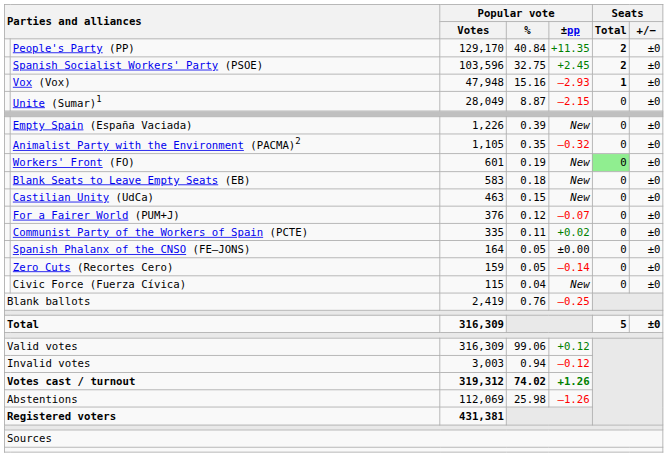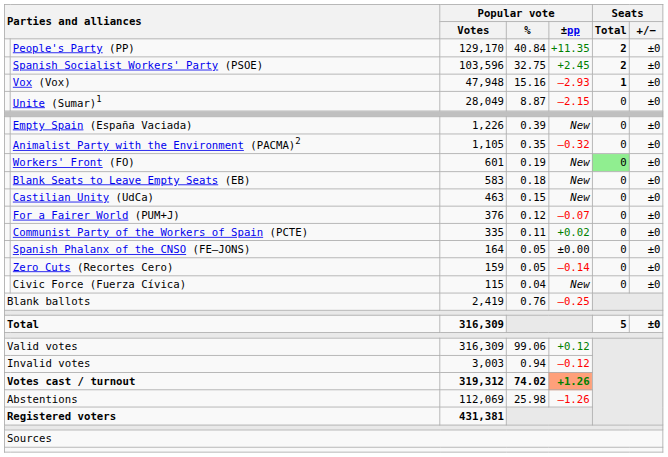 <table class="wikitable" style="text-align:right;">
 <tr>
 <th style="text-align:left;" rowspan="2" colspan="2" width="525">Parties and alliances</th>
 <th colspan="3">Popular vote</th>
 <th colspan="2">Seats</th>
 </tr>
 <tr>
 <th width="75">Votes</th>
 <th width="45">%</th>
 <th width="45">±<a href='#'>pp</a></th>
 <th width="35">Total</th>
 <th width="35">+/−</th>
 </tr>
 <tr>
 <td width="1" style="color:inherit;background:"></td>
 <td align="left"><a href='#'>People's Party</a> (PP)</td>
 <td>129,170</td>
 <td>40.84</td>
 <td style="color:green;">+11.35</td>
 <td><strong>2</strong></td>
 <td>±0</td>
 </tr>
 <tr>
 <td style="color:inherit;background:"></td>
 <td align="left"><a href='#'>Spanish Socialist Workers' Party</a> (PSOE)</td>
 <td>103,596</td>
 <td>32.75</td>
 <td style="color:green;">+2.45</td>
 <td><strong>2</strong></td>
 <td>±0</td>
 </tr>
 <tr>
 <td style="color:inherit;background:"></td>
 <td align="left"><a href='#'>Vox</a> (Vox)</td>
 <td>47,948</td>
 <td>15.16</td>
 <td style="color:red;">–2.93</td>
 <td><strong>1</strong></td>
 <td>±0</td>
 </tr>
 <tr>
 <td style="color:inherit;background:"></td>
 <td align="left"><a href='#'>Unite</a> (Sumar)<sup>1</sup></td>
 <td>28,049</td>
 <td>8.87</td>
 <td style="color:red;">–2.15</td>
 <td>0</td>
 <td>±0</td>
 </tr>
 <tr>
 <td colspan="7" bgcolor="#C0C0C0"></td>
 </tr>
 <tr>
 <td style="color:inherit;background:"></td>
 <td align="left"><a href='#'>Empty Spain</a> (España Vaciada)</td>
 <td>1,226</td>
 <td>0.39</td>
 <td><em>New</em></td>
 <td>0</td>
 <td>±0</td>
 </tr>
 <tr>
 <td style="color:inherit;background:"></td>
 <td align="left"><a href='#'>Animalist Party with the Environment</a> (PACMA)<sup>2</sup></td>
 <td>1,105</td>
 <td>0.35</td>
 <td style="color:red;">–0.32</td>
 <td>0</td>
 <td>±0</td>
 </tr>
 <tr>
 <td style="color:inherit;background:"></td>
 <td align="left"><a href='#'>Workers' Front</a> (FO)</td>
 <td>601</td>
 <td>0.19</td>
 <td><em>New</em></td>
 <td style="background: lightgreen;">0</td>
 <td>±0</td>
 </tr>
 <tr>
 <td style="color:inherit;background:"></td>
 <td align="left"><a href='#'>Blank Seats to Leave Empty Seats</a> (EB)</td>
 <td>583</td>
 <td>0.18</td>
 <td><em>New</em></td>
 <td>0</td>
 <td>±0</td>
 </tr>
 <tr>
 <td style="color:inherit;background:"></td>
 <td align="left"><a href='#'>Castilian Unity</a> (UdCa)</td>
 <td>463</td>
 <td>0.15</td>
 <td><em>New</em></td>
 <td>0</td>
 <td>±0</td>
 </tr>
 <tr>
 <td style="color:inherit;background:"></td>
 <td align="left"><a href='#'>For a Fairer World</a> (PUM+J)</td>
 <td>376</td>
 <td>0.12</td>
 <td style="color:red;">–0.07</td>
 <td>0</td>
 <td>±0</td>
 </tr>
 <tr>
 <td style="color:inherit;background:"></td>
 <td align="left"><a href='#'>Communist Party of the Workers of Spain</a> (PCTE)</td>
 <td>335</td>
 <td>0.11</td>
 <td style="color:green;">+0.02</td>
 <td>0</td>
 <td>±0</td>
 </tr>
 <tr>
 <td style="color:inherit;background:"></td>
 <td align="left"><a href='#'>Spanish Phalanx of the CNSO</a> (FE–JONS)</td>
 <td>164</td>
 <td>0.05</td>
 <td>±0.00</td>
 <td>0</td>
 <td>±0</td>
 </tr>
 <tr>
 <td style="color:inherit;background:"></td>
 <td align="left"><a href='#'>Zero Cuts</a> (Recortes Cero)</td>
 <td>159</td>
 <td>0.05</td>
 <td style="color:red;">–0.14</td>
 <td>0</td>
 <td>±0</td>
 </tr>
 <tr>
 <td bgcolor="white"></td>
 <td align="left">Civic Force (Fuerza Cívica)</td>
 <td>115</td>
 <td>0.04</td>
 <td><em>New</em></td>
 <td>0</td>
 <td>±0</td>
 </tr>
 <tr>
 <td align="left" colspan="2">Blank ballots</td>
 <td>2,419</td>
 <td>0.76</td>
 <td style="color:red;">–0.25</td>
 <td bgcolor="#E9E9E9" colspan="2"></td>
 </tr>
 <tr>
 <td colspan="7" bgcolor="#E9E9E9"></td>
 </tr>
 <tr style="font-weight:bold;">
 <td align="left" colspan="2">Total</td>
 <td>316,309</td>
 <td bgcolor="#E9E9E9" colspan="2"></td>
 <td>5</td>
 <td>±0</td>
 </tr>
 <tr>
 <td colspan="7" bgcolor="#E9E9E9"></td>
 </tr>
 <tr>
 <td align="left" colspan="2">Valid votes</td>
 <td>316,309</td>
 <td>99.06</td>
 <td style="color:green;">+0.12</td>
 <td bgcolor="#E9E9E9" colspan="2" rowspan="5"></td>
 </tr>
 <tr>
 <td align="left" colspan="2">Invalid votes</td>
 <td>3,003</td>
 <td>0.94</td>
 <td style="color:red;">–0.12</td>
 </tr>
 <tr style="font-weight:bold;">
 <td align="left" colspan="2">Votes cast / turnout</td>
 <td>319,312</td>
 <td>74.02</td>
-<td style="color:green;">+1.26</td>
+<td style="background: lightsalmon; color:green;">+1.26</td>
 </tr>
 <tr>
 <td align="left" colspan="2">Abstentions</td>
 <td>112,069</td>
 <td>25.98</td>
 <td style="color:red;">–1.26</td>
 </tr>
 <tr style="font-weight:bold;">
 <td align="left" colspan="2">Registered voters</td>
 <td>431,381</td>
 <td bgcolor="#E9E9E9" colspan="2"></td>
 </tr>
 <tr>
 <td colspan="7" bgcolor="#E9E9E9"></td>
 </tr>
 <tr>
 <td align="left" colspan="7">Sources</td>
 </tr>
 <tr>
 <td colspan="7" style="text-align:left; max-width:790px;"></td>
 </tr>
 </table>
